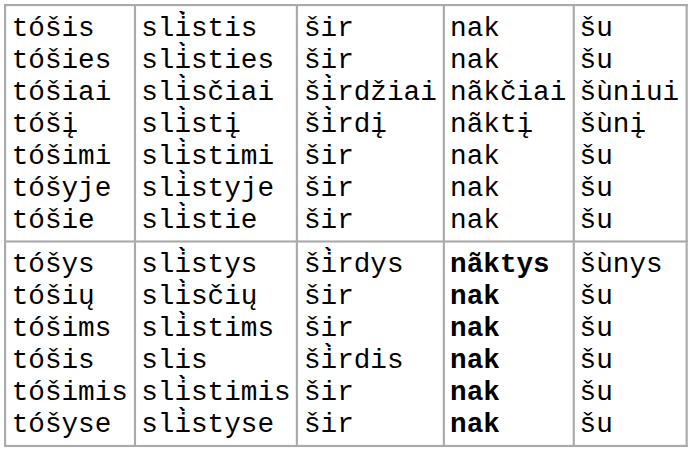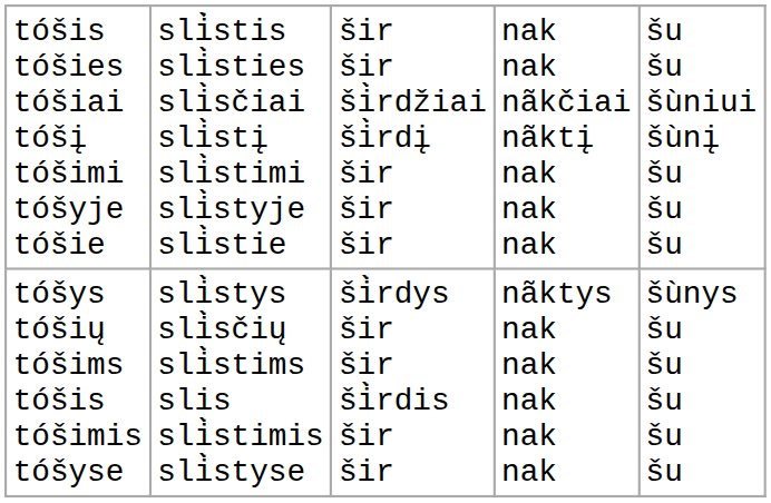 <table class=wikitable style="font-family: monospace; background:#FFFFFF">
 <tr>
 <td>tóšis<br>tóšies<br>tóšiai<br>tóšį<br>tóšimi<br>tóšyje<br>tóšie</td>
 <td>sli̇̀stis<br>sli̇̀sties<br>sli̇̀sčiai<br>sli̇̀stį<br>sli̇̀stimi<br>sli̇̀styje<br>sli̇̀stie</td>
 <td>šir<br>šir<br>ši̇̀rdžiai<br>ši̇̀rdį<br>šir<br>šir<br>šir</td>
 <td>nak<br>nak<br>nãkčiai<br>nãktį<br>nak<br>nak<br>nak</td>
 <td>šu<br>šu<br>šùniui<br>šùnį<br>šu<br>šu<br>šu</td>
 </tr>
 <tr>
 <td>tóšys<br>tóšių<br>tóšims<br>tóšis<br>tóšimis<br>tóšyse</td>
 <td>sli̇̀stys<br>sli̇̀sčių<br>sli̇̀stims<br>slis<br>sli̇̀stimis<br>sli̇̀styse</td>
 <td>ši̇̀rdys<br>šir<br>šir<br>ši̇̀rdis<br>šir<br>šir</td>
-<td><strong>nãktys<br>nak<br>nak<br>nak<br>nak<br>nak</strong></td>
+<td>nãktys<br>nak<br>nak<br>nak<br>nak<br>nak</td>
 <td>šùnys<br>šu<br>šu<br>šu<br>šu<br>šu</td>
 </tr>
 </table>
